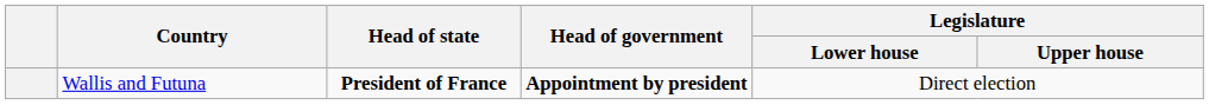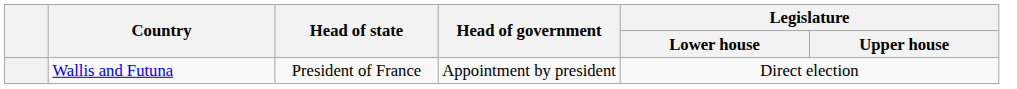 <table class="wikitable" style="text-align:center">
 <tr>
 <th width=35 rowspan=2></th>
 <th width=210 rowspan=2>Country</th>
 <th width=150 rowspan=2>Head of state</th>
 <th rowspan="2">Head of government</th>
 <th colspan=2>Legislature</th>
 </tr>
 <tr>
 <th width=175>Lower house</th>
 <th width=175>Upper house</th>
 </tr>
 <tr>
 <th></th>
 <td style="text-align:left"><a href='#'>Wallis and Futuna</a></td>
-<td><strong>President of France</strong></td>
-<td><strong>Appointment by president</strong></td>
+<td>President of France</td>
+<td>Appointment by president</td>
 <td colspan=2>Direct election</td>
 </tr>
 </table>
